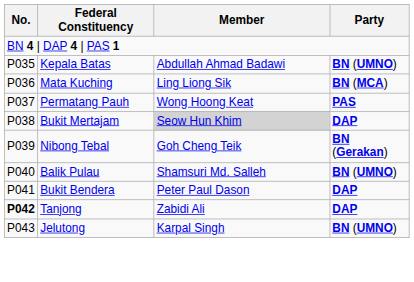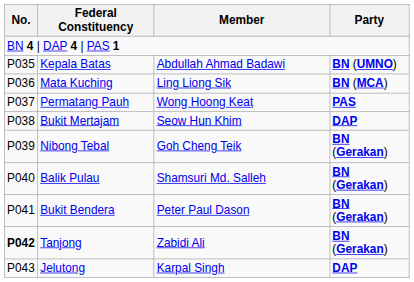 <table class="wikitable sortable">
 <tr>
 <th style="width:30px;">No.</th>
 <th style="width:150px;">Federal Constituency</th>
 <th style="width:230px;">Member</th>
 <th style="width:100px;">Party</th>
 </tr>
 <tr>
 <td colspan="4"><a href='#'>BN</a> <strong>4</strong> | <a href='#'>DAP</a> <strong>4</strong> | <a href='#'>PAS</a> <strong>1</strong></td>
 </tr>
 <tr>
 <td>P035</td>
 <td><a href='#'>Kepala Batas</a></td>
 <td><a href='#'>Abdullah Ahmad Badawi</a></td>
 <td><strong><a href='#'>BN</a></strong> (<strong><a href='#'>UMNO</a></strong>)</td>
 </tr>
 <tr>
 <td>P036</td>
 <td><a href='#'>Mata Kuching</a></td>
 <td><a href='#'>Ling Liong Sik</a></td>
 <td><strong><a href='#'>BN</a></strong> (<strong><a href='#'>MCA</a></strong>)</td>
 </tr>
 <tr>
 <td>P037</td>
 <td><a href='#'>Permatang Pauh</a></td>
 <td><a href='#'>Wong Hoong Keat</a></td>
 <td><strong><a href='#'>PAS</a></strong></td>
 </tr>
 <tr>
 <td>P038</td>
 <td><a href='#'>Bukit Mertajam</a></td>
-<td style="background: lightgrey;"><a href='#'>Seow Hun Khim</a></td>
+<td><a href='#'>Seow Hun Khim</a></td>
 <td><strong><a href='#'>DAP</a></strong></td>
 </tr>
 <tr>
 <td>P039</td>
 <td><a href='#'>Nibong Tebal</a></td>
 <td><a href='#'>Goh Cheng Teik</a></td>
 <td><strong><a href='#'>BN</a></strong> (<strong><a href='#'>Gerakan</a></strong>)</td>
 </tr>
 <tr>
 <td>P040</td>
 <td><a href='#'>Balik Pulau</a></td>
 <td><a href='#'>Shamsuri Md. Salleh</a></td>
-<td><strong><a href='#'>BN</a></strong> (<strong><a href='#'>UMNO</a></strong>)</td>
+<td><strong><a href='#'>BN</a></strong> (<strong><a href='#'>Gerakan</a></strong>)</td>
 </tr>
 <tr>
 <td>P041</td>
 <td><a href='#'>Bukit Bendera</a></td>
 <td><a href='#'>Peter Paul Dason</a></td>
-<td><strong><a href='#'>DAP</a></strong></td>
+<td><strong><a href='#'>BN</a></strong> (<strong><a href='#'>Gerakan</a></strong>)</td>
 </tr>
 <tr>
 <td><strong>P042</strong></td>
 <td><a href='#'>Tanjong</a></td>
 <td><a href='#'>Zabidi Ali</a></td>
-<td><strong><a href='#'>DAP</a></strong></td>
+<td><strong><a href='#'>BN</a></strong> (<strong><a href='#'>Gerakan</a></strong>)</td>
 </tr>
 <tr>
 <td>P043</td>
 <td><a href='#'>Jelutong</a></td>
 <td><a href='#'>Karpal Singh</a></td>
-<td><strong><a href='#'>BN</a></strong> (<strong><a href='#'>UMNO</a></strong>)</td>
+<td><strong><a href='#'>DAP</a></strong></td>
 </tr>
 </table>
